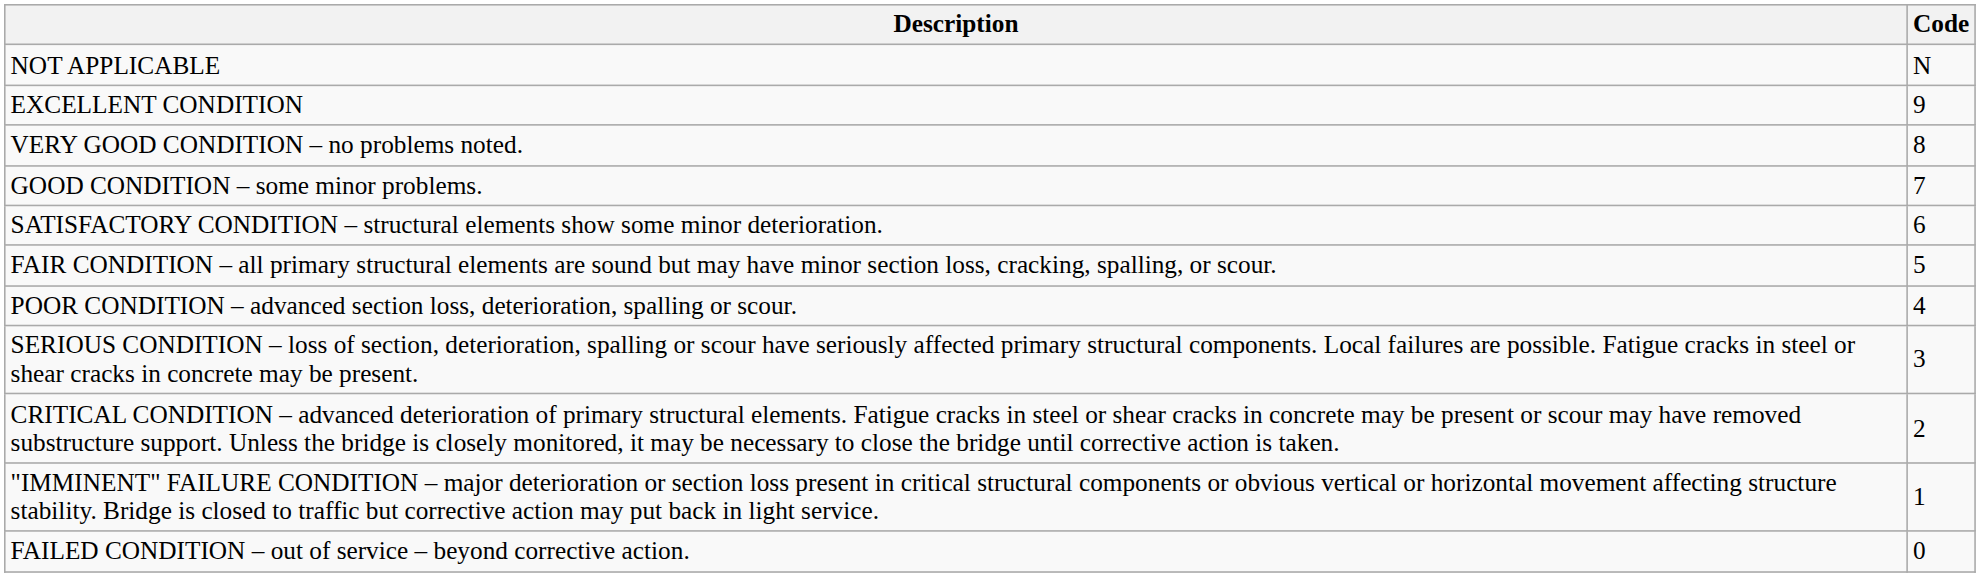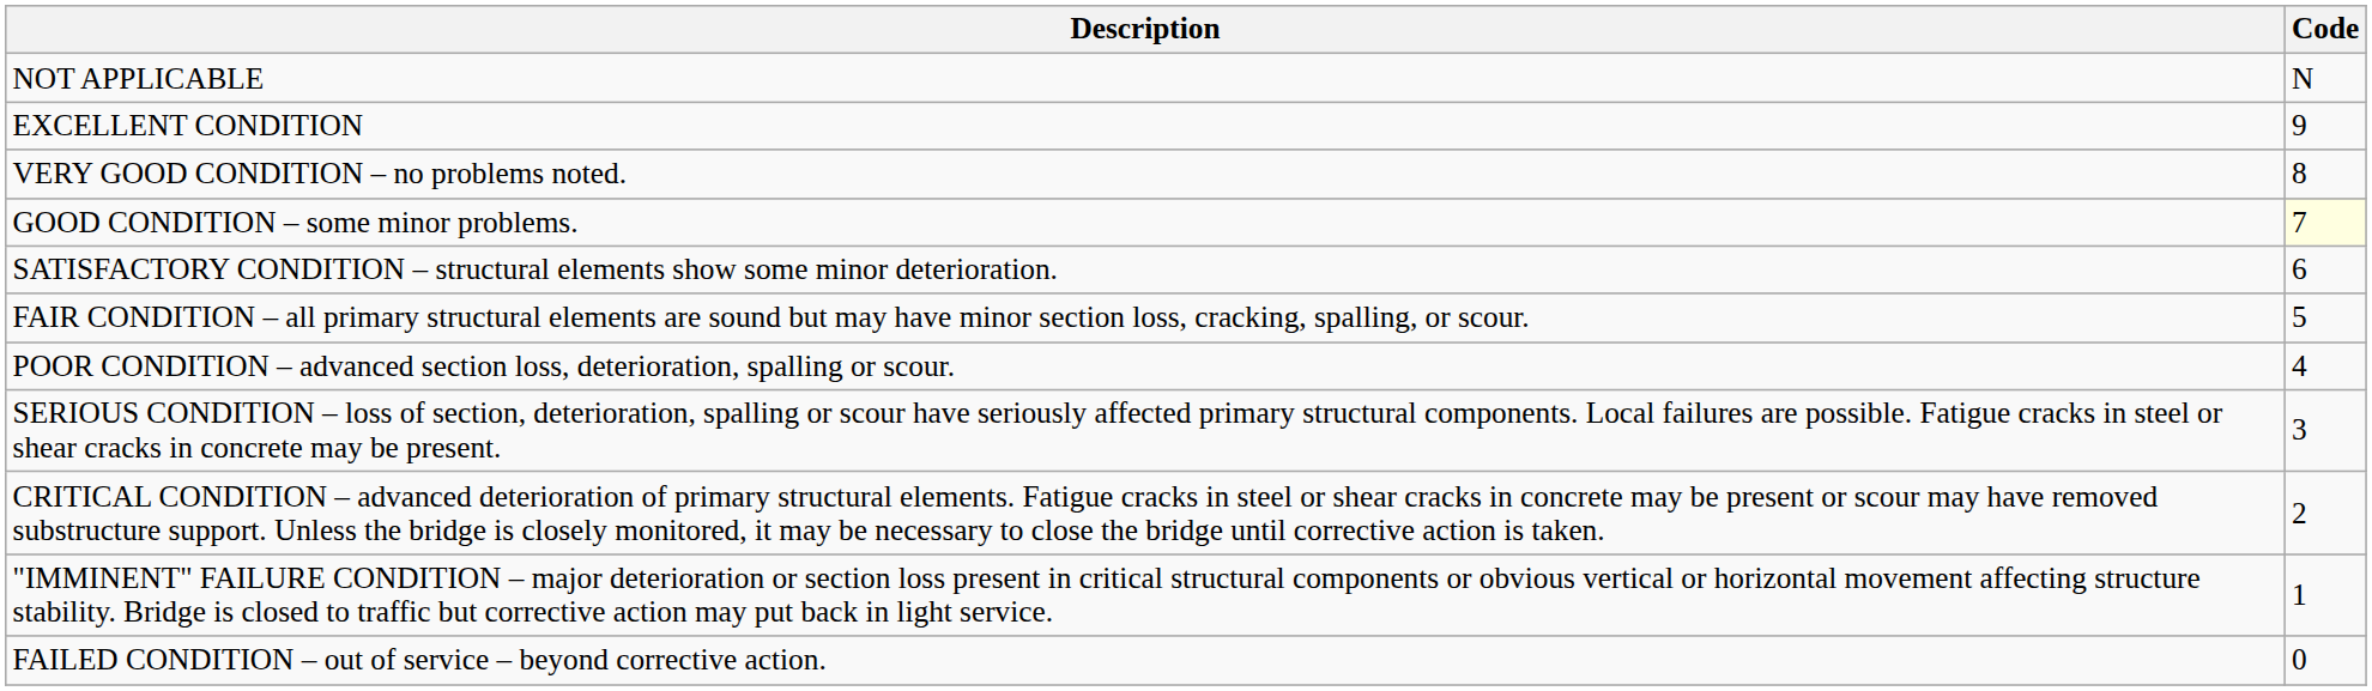 <table class="wikitable">
 <tr>
 <th>Description</th>
 <th>Code</th>
 </tr>
 <tr>
 <td>NOT APPLICABLE</td>
 <td>N</td>
 </tr>
 <tr>
 <td>EXCELLENT CONDITION</td>
 <td>9</td>
 </tr>
 <tr>
 <td>VERY GOOD CONDITION – no problems noted.</td>
 <td>8</td>
 </tr>
 <tr>
 <td>GOOD CONDITION – some minor problems.</td>
-<td>7</td>
+<td style="background: lightyellow;">7</td>
 </tr>
 <tr>
 <td>SATISFACTORY CONDITION – structural elements show some minor deterioration.</td>
 <td>6</td>
 </tr>
 <tr>
 <td>FAIR CONDITION – all primary structural elements are sound but may have minor section loss, cracking, spalling, or scour.</td>
 <td>5</td>
 </tr>
 <tr>
 <td>POOR CONDITION – advanced section loss, deterioration, spalling or scour.</td>
 <td>4</td>
 </tr>
 <tr>
 <td>SERIOUS CONDITION – loss of section, deterioration, spalling or scour have seriously affected primary structural components. Local failures are possible. Fatigue cracks in steel or shear cracks in concrete may be present.</td>
 <td>3</td>
 </tr>
 <tr>
 <td>CRITICAL CONDITION – advanced deterioration of primary structural elements. Fatigue cracks in steel or shear cracks in concrete may be present or scour may have removed substructure support. Unless the bridge is closely monitored, it may be necessary to close the bridge until corrective action is taken.</td>
 <td>2</td>
 </tr>
 <tr>
 <td>"IMMINENT" FAILURE CONDITION – major deterioration or section loss present in critical structural components or obvious vertical or horizontal movement affecting structure stability. Bridge is closed to traffic but corrective action may put back in light service.</td>
 <td>1</td>
 </tr>
 <tr>
 <td>FAILED CONDITION – out of service – beyond corrective action.</td>
 <td>0</td>
 </tr>
 </table>
